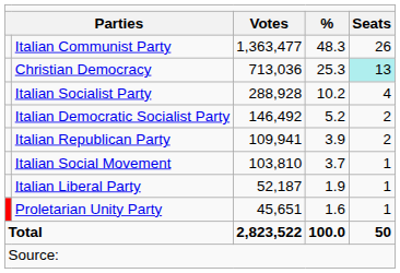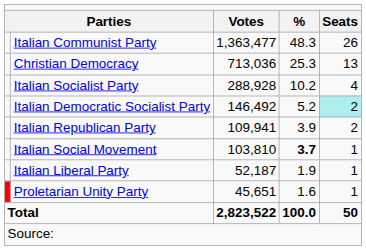 <table class="wikitable" style="font-size:100%">
 <tr>
 <td colspan=5></td>
 </tr>
 <tr bgcolor="EFEFEF">
 <th colspan=2>Parties</th>
 <th>Votes</th>
 <th>%</th>
 <th>Seats</th>
 </tr>
 <tr>
 <td></td>
 <td><a href='#'>Italian Communist Party</a></td>
 <td align=right>1,363,477</td>
 <td align=right>48.3</td>
 <td align=right>26</td>
 </tr>
 <tr>
 <td></td>
 <td><a href='#'>Christian Democracy</a></td>
 <td align=right>713,036</td>
 <td align=right>25.3</td>
-<td align=right style="background: paleturquoise;">13</td>
+<td align=right>13</td>
 </tr>
 <tr>
 <td></td>
 <td><a href='#'>Italian Socialist Party</a></td>
 <td align=right>288,928</td>
 <td align=right>10.2</td>
 <td align=right>4</td>
 </tr>
 <tr>
 <td></td>
 <td><a href='#'>Italian Democratic Socialist Party</a></td>
 <td align=right>146,492</td>
 <td align=right>5.2</td>
-<td align=right>2</td>
+<td align=right style="background: paleturquoise;">2</td>
 </tr>
 <tr>
 <td></td>
 <td><a href='#'>Italian Republican Party</a></td>
 <td align=right>109,941</td>
 <td align=right>3.9</td>
 <td align=right>2</td>
 </tr>
 <tr>
 <td></td>
 <td><a href='#'>Italian Social Movement</a></td>
 <td align=right>103,810</td>
-<td align=right>3.7</td>
+<td align=right><strong>3.7</strong></td>
 <td align=right>1</td>
 </tr>
 <tr>
 <td></td>
 <td><a href='#'>Italian Liberal Party</a></td>
 <td align=right>52,187</td>
 <td align=right>1.9</td>
 <td align=right>1</td>
 </tr>
 <tr>
 <td bgcolor="red"></td>
 <td><a href='#'>Proletarian Unity Party</a></td>
 <td align=right>45,651</td>
 <td align=right>1.6</td>
 <td align=right>1</td>
 </tr>
 <tr>
 <td colspan=2><strong>Total</strong></td>
 <td align=right><strong>2,823,522</strong></td>
 <td align=right><strong>100.0</strong></td>
 <td align=right><strong>50</strong></td>
 </tr>
 <tr>
 <td colspan=5>Source: </td>
 </tr>
 </table>
